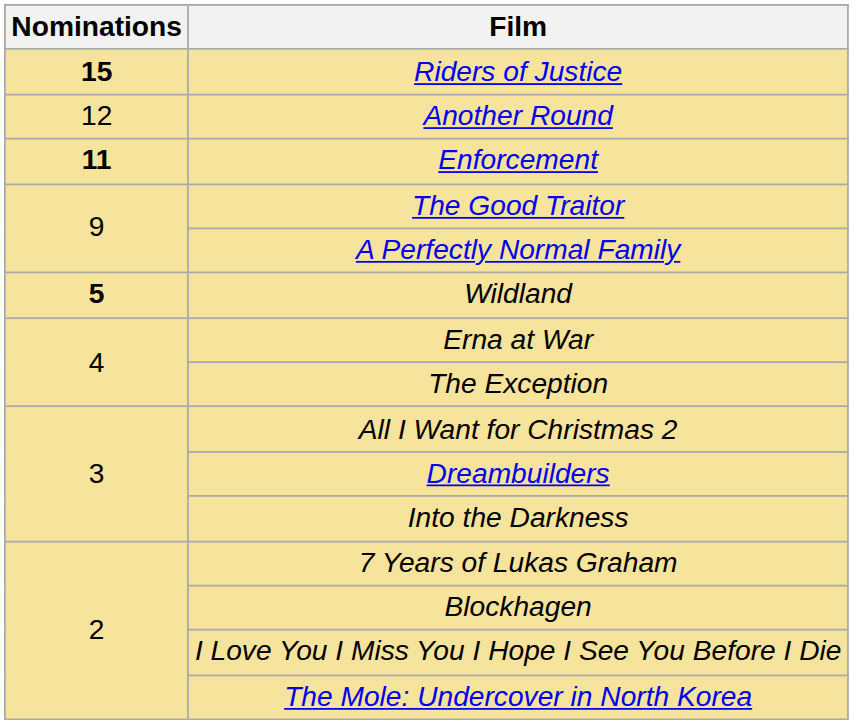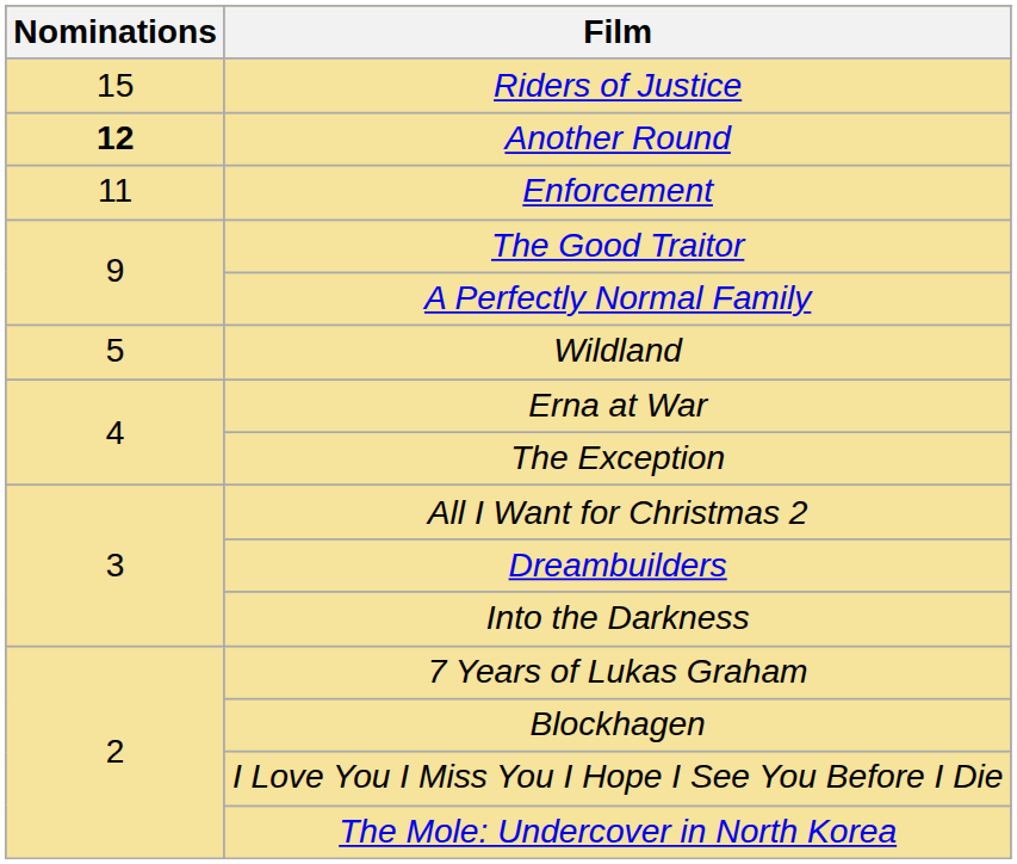 <table class="wikitable plainrowheaders" rowspan=2 style="text-align: center; background: #f6e39c">
 <tr>
 <th scope="col" style="width:55px;">Nominations</th>
 <th scope="col" style="text-align:center;">Film</th>
 </tr>
 <tr>
-<td><strong>15</strong></td>
+<td>15</td>
 <td><em><a href='#'>Riders of Justice</a></em></td>
 </tr>
 <tr>
-<td>12</td>
+<td><strong>12</strong></td>
 <td><em><a href='#'>Another Round</a></em></td>
 </tr>
 <tr>
-<td><strong>11</strong></td>
+<td>11</td>
 <td><em><a href='#'>Enforcement</a></em></td>
 </tr>
 <tr>
 <td rowspan="2">9</td>
 <td><em><a href='#'>The Good Traitor</a></em></td>
 </tr>
 <tr>
 <td><em><a href='#'>A Perfectly Normal Family</a></em></td>
 </tr>
 <tr>
-<td><strong>5</strong></td>
+<td>5</td>
 <td><em>Wildland</em></td>
 </tr>
 <tr>
 <td rowspan="2">4</td>
 <td><em>Erna at War</em></td>
 </tr>
 <tr>
 <td><em>The Exception</em></td>
 </tr>
 <tr>
 <td rowspan="3">3</td>
 <td><em>All I Want for Christmas 2</em></td>
 </tr>
 <tr>
 <td><em><a href='#'>Dreambuilders</a></em></td>
 </tr>
 <tr>
 <td><em>Into the Darkness</em></td>
 </tr>
 <tr>
 <td rowspan="4">2</td>
 <td><em>7 Years of Lukas Graham</em></td>
 </tr>
 <tr>
 <td><em>Blockhagen</em></td>
 </tr>
 <tr>
 <td><em>I Love You I Miss You I Hope I See You Before I Die</em></td>
 </tr>
 <tr>
 <td><em><a href='#'>The Mole: Undercover in North Korea</a></em></td>
 </tr>
 </table>
